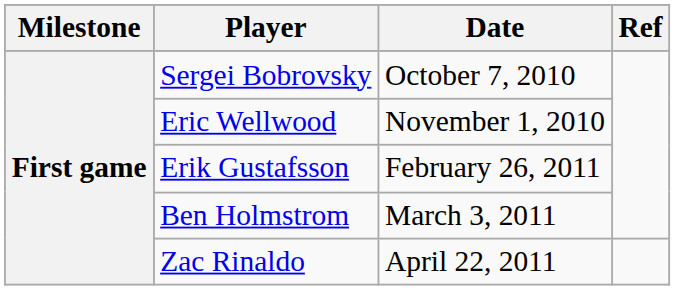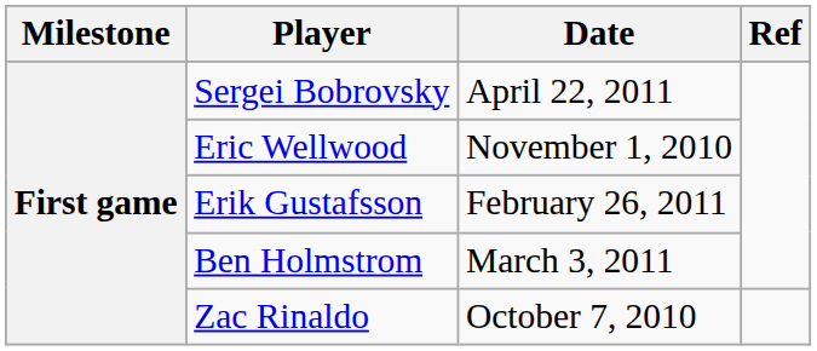 <table class="wikitable">
 <tr>
 <th scope="col">Milestone</th>
 <th scope="col">Player</th>
 <th scope="col">Date</th>
 <th scope="col">Ref</th>
 </tr>
 <tr>
 <th rowspan=5>First game</th>
 <td><a href='#'>Sergei Bobrovsky</a></td>
-<td>October 7, 2010</td>
+<td>April 22, 2011</td>
 <td rowspan=4></td>
 </tr>
 <tr>
 <td><a href='#'>Eric Wellwood</a></td>
 <td>November 1, 2010</td>
 </tr>
 <tr>
 <td><a href='#'>Erik Gustafsson</a></td>
 <td>February 26, 2011</td>
 </tr>
 <tr>
 <td><a href='#'>Ben Holmstrom</a></td>
 <td>March 3, 2011</td>
 </tr>
 <tr>
 <td><a href='#'>Zac Rinaldo</a></td>
-<td>April 22, 2011</td>
+<td>October 7, 2010</td>
 <td></td>
 </tr>
 </table>
